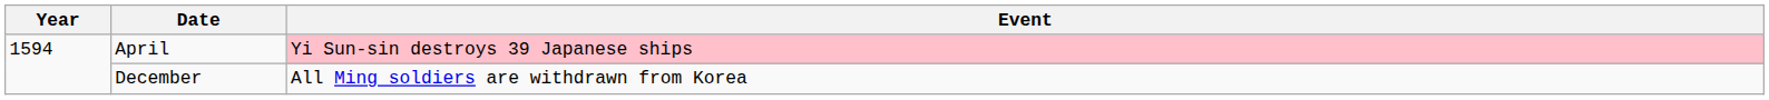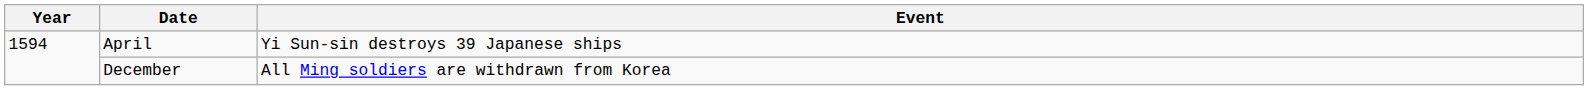 <table class="wikitable" width="100%">
 <tr>
 <th style="width:6%">Year</th>
 <th style="width:10%">Date</th>
 <th>Event</th>
 </tr>
 <tr>
 <td rowspan="2" valign="top">1594</td>
 <td>April</td>
-<td style="background: pink;">Yi Sun-sin destroys 39 Japanese ships</td>
+<td>Yi Sun-sin destroys 39 Japanese ships</td>
 </tr>
 <tr>
 <td>December</td>
 <td>All <a href='#'>Ming soldiers</a> are withdrawn from Korea</td>
 </tr>
 </table>
